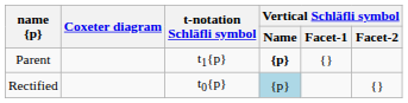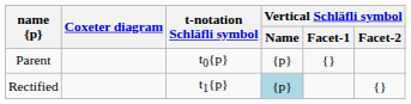 <table class="wikitable">
 <tr>
 <th rowspan=2>name<br>{p}</th>
 <th rowspan=2><a href='#'>Coxeter diagram</a></th>
 <th rowspan=2>t-notation<br><a href='#'>Schläfli symbol</a></th>
 <th colspan=3>Vertical <a href='#'>Schläfli symbol</a></th>
 </tr>
 <tr>
 <th>Name</th>
 <th>Facet-1</th>
 <th>Facet-2</th>
 </tr>
 <tr align=center>
 <td>Parent</td>
 <td></td>
-<td>t<sub>1</sub>{p}</td>
-<td><strong>{p}</strong></td>
+<td>t<sub>0</sub>{p}</td>
+<td>{p}</td>
 <td>{}</td>
 <td></td>
 </tr>
 <tr align=center>
 <td>Rectified</td>
 <td></td>
-<td>t<sub>0</sub>{p}</td>
+<td>t<sub>1</sub>{p}</td>
 <td style="background: lightblue;">{p}</td>
 <td></td>
 <td>{}</td>
 </tr>
 </table>
